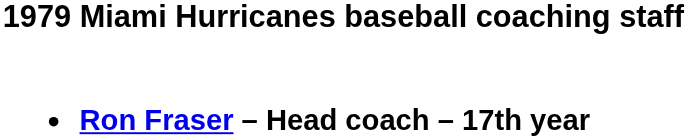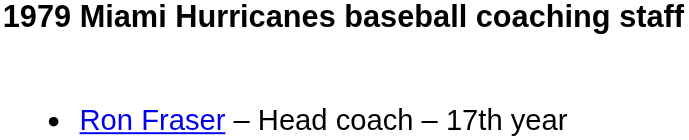 <table class="toccolours">
 <tr>
 <th colspan=9>1979 Miami Hurricanes baseball coaching staff</th>
 </tr>
 <tr>
-<td style="text-align: left; font-size: 95%;" valign="top"><strong><br><ul><li><a href='#'>Ron Fraser</a> – Head coach – 17th year</li></ul></strong></td>
+<td style="text-align: left; font-size: 95%;" valign="top"><br><ul><li><a href='#'>Ron Fraser</a> – Head coach – 17th year</li></ul></td>
 </tr>
 </table>
